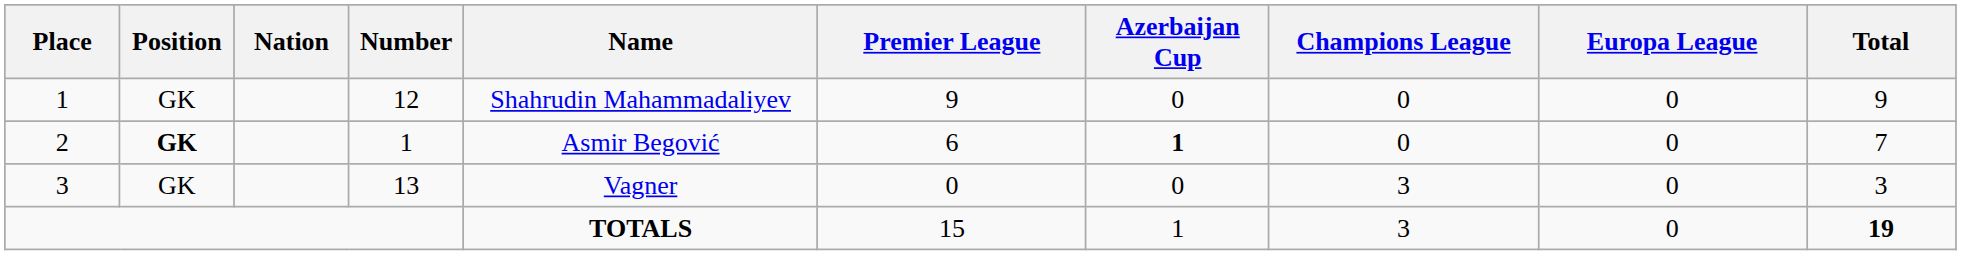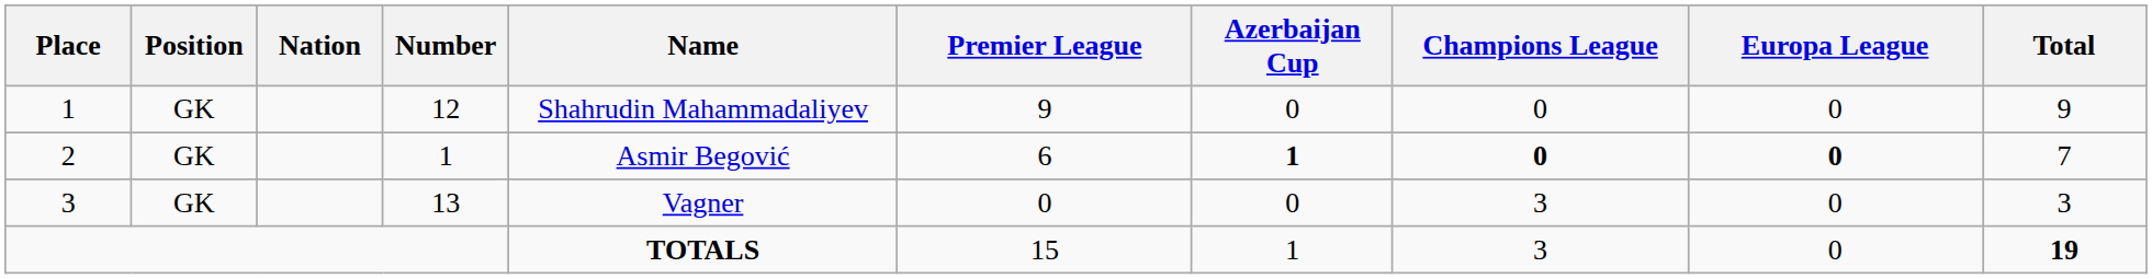 <table class="wikitable" style="font-size: 95%; text-align: center;">
 <tr>
 <th width=60>Place</th>
 <th width=60>Position</th>
 <th width=60>Nation</th>
 <th width=60>Number</th>
 <th width=200>Name</th>
 <th width=150><a href='#'>Premier League</a></th>
 <th width=100><a href='#'>Azerbaijan Cup</a></th>
 <th width=150><a href='#'>Champions League</a></th>
 <th width=150><a href='#'>Europa League</a></th>
 <th width=80>Total</th>
 </tr>
 <tr>
 <td>1</td>
 <td>GK</td>
 <td></td>
 <td>12</td>
 <td><a href='#'>Shahrudin Mahammadaliyev</a></td>
 <td>9</td>
 <td>0</td>
 <td>0</td>
 <td>0</td>
 <td>9</td>
 </tr>
 <tr>
 <td>2</td>
-<td><strong>GK</strong></td>
+<td>GK</td>
 <td></td>
 <td>1</td>
 <td><a href='#'>Asmir Begović</a></td>
 <td>6</td>
 <td><strong>1</strong></td>
-<td>0</td>
-<td>0</td>
+<td><strong>0</strong></td>
+<td><strong>0</strong></td>
 <td>7</td>
 </tr>
 <tr>
 <td>3</td>
 <td>GK</td>
 <td></td>
 <td>13</td>
 <td><a href='#'>Vagner</a></td>
 <td>0</td>
 <td>0</td>
 <td>3</td>
 <td>0</td>
 <td>3</td>
 </tr>
 <tr>
 <td colspan="4"></td>
 <td><strong>TOTALS</strong></td>
 <td>15</td>
 <td>1</td>
 <td>3</td>
 <td>0</td>
 <td><strong>19</strong></td>
 </tr>
 </table>
